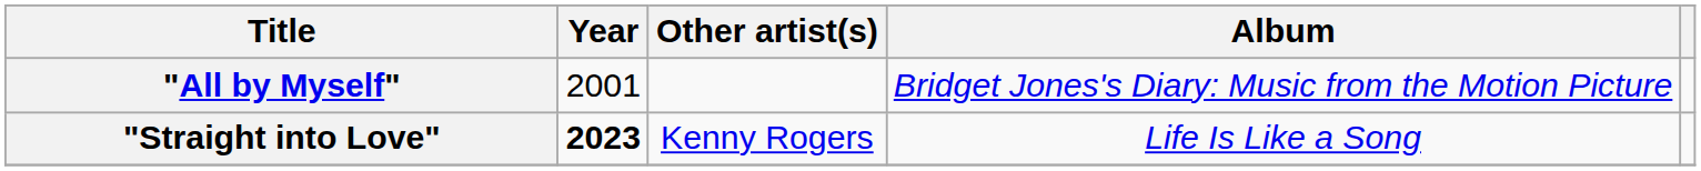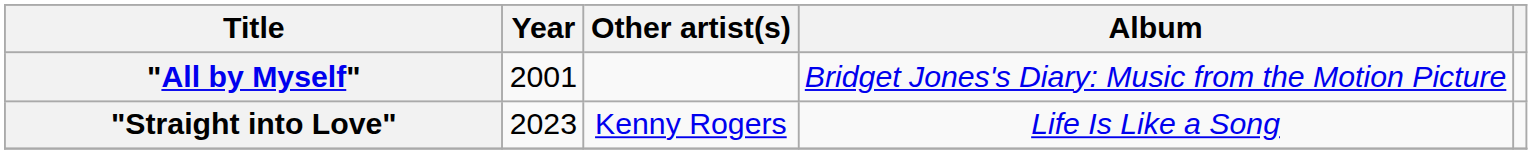 <table class="wikitable plainrowheaders" style="text-align:center;" border="1">
 <tr>
 <th scope="col" style="width:16em;">Title</th>
 <th scope="col">Year</th>
 <th scope="col">Other artist(s)</th>
 <th scope="col">Album</th>
 <th scope="col"></th>
 </tr>
 <tr>
 <th scope="row">"<a href='#'>All by Myself</a>"</th>
 <td>2001</td>
 <td></td>
 <td><em><a href='#'>Bridget Jones's Diary: Music from the Motion Picture</a></em></td>
 <td align="center"></td>
 </tr>
 <tr>
 <th scope="row">"Straight into Love"</th>
-<td><strong>2023</strong></td>
+<td>2023</td>
 <td><a href='#'>Kenny Rogers</a></td>
 <td><em><a href='#'>Life Is Like a Song</a></em></td>
 <td align="center"></td>
 </tr>
 <tr>
 </tr>
 </table>
